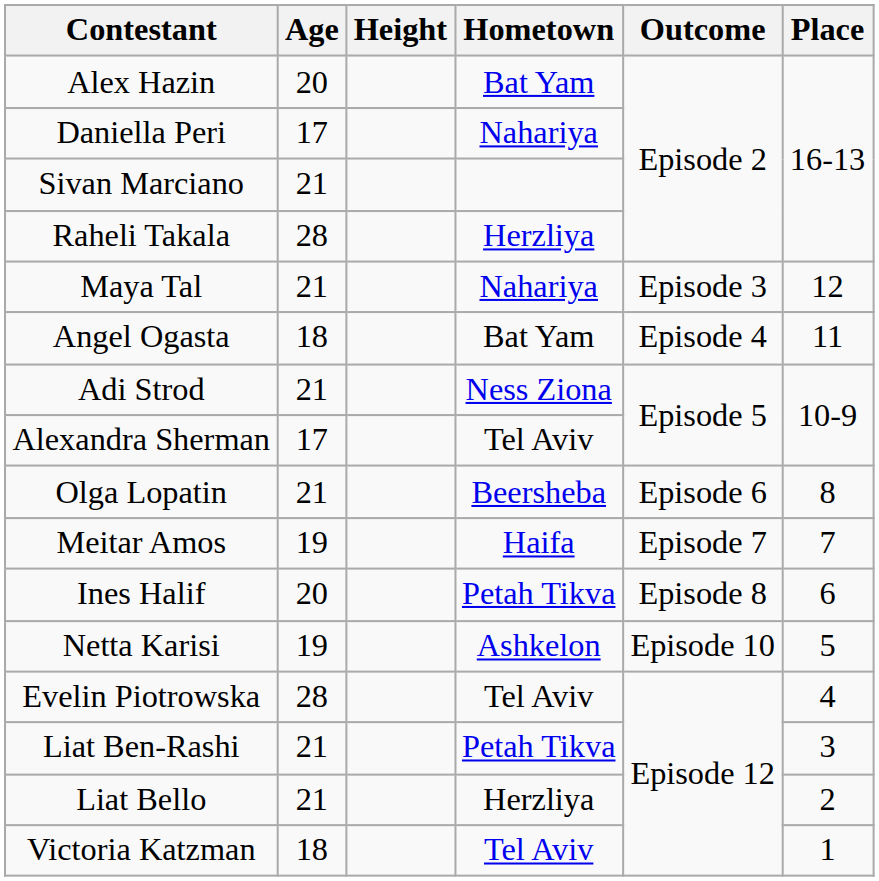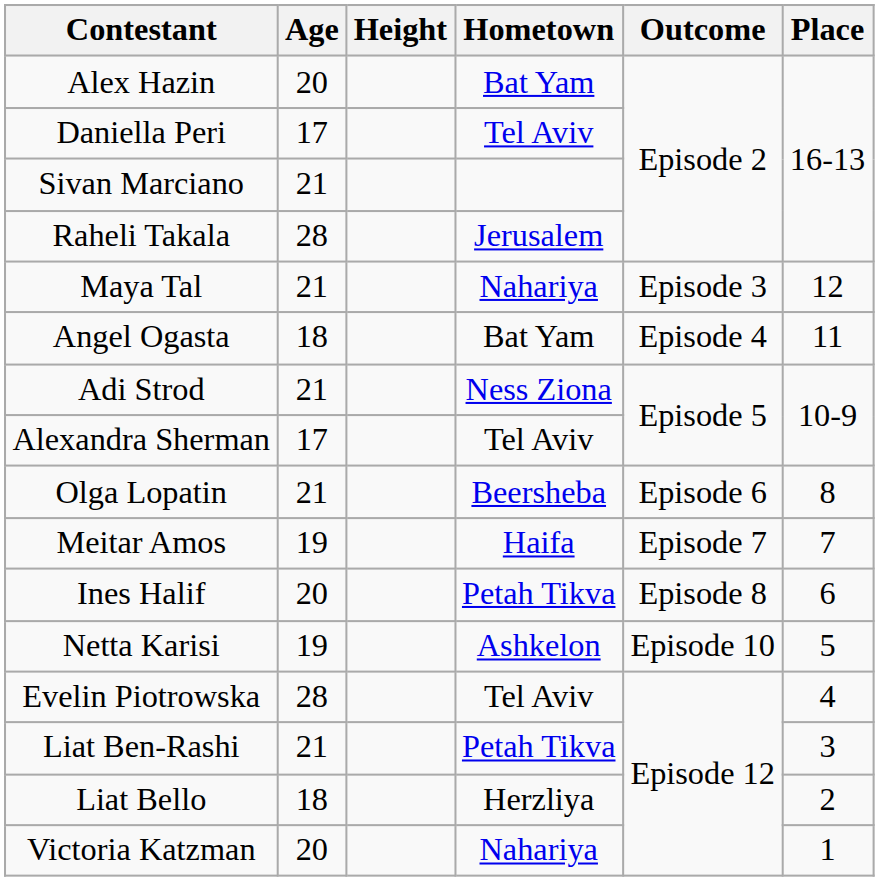 <table class="wikitable sortable" style="text-align:center;">
 <tr>
 <th>Contestant</th>
 <th>Age</th>
 <th>Height</th>
 <th>Hometown</th>
 <th>Outcome</th>
 <th>Place</th>
 </tr>
 <tr>
 <td>Alex Hazin</td>
 <td>20</td>
 <td></td>
 <td><a href='#'>Bat Yam</a></td>
 <td rowspan=4>Episode 2</td>
 <td rowspan=4>16-13</td>
 </tr>
 <tr>
 <td>Daniella Peri</td>
 <td>17</td>
 <td></td>
-<td><a href='#'>Nahariya</a></td>
+<td><a href='#'>Tel Aviv</a></td>
 </tr>
 <tr>
 <td>Sivan Marciano</td>
 <td>21</td>
 <td></td>
 <td></td>
 </tr>
 <tr>
 <td>Raheli Takala</td>
 <td>28</td>
 <td></td>
-<td><a href='#'>Herzliya</a></td>
+<td><a href='#'>Jerusalem</a></td>
 </tr>
 <tr>
 <td>Maya Tal</td>
 <td>21</td>
 <td></td>
 <td><a href='#'>Nahariya</a></td>
 <td>Episode 3</td>
 <td>12</td>
 </tr>
 <tr>
 <td>Angel Ogasta</td>
 <td>18</td>
 <td></td>
 <td>Bat Yam</td>
 <td>Episode 4</td>
 <td>11</td>
 </tr>
 <tr>
 <td>Adi Strod</td>
 <td>21</td>
 <td></td>
 <td><a href='#'>Ness Ziona</a></td>
 <td rowspan=2>Episode 5</td>
 <td rowspan=2>10-9</td>
 </tr>
 <tr>
 <td>Alexandra Sherman</td>
 <td>17</td>
 <td></td>
 <td>Tel Aviv</td>
 </tr>
 <tr>
 <td>Olga Lopatin</td>
 <td>21</td>
 <td></td>
 <td><a href='#'>Beersheba</a></td>
 <td>Episode 6</td>
 <td>8</td>
 </tr>
 <tr>
 <td>Meitar Amos</td>
 <td>19</td>
 <td></td>
 <td><a href='#'>Haifa</a></td>
 <td>Episode 7</td>
 <td>7</td>
 </tr>
 <tr>
 <td>Ines Halif</td>
 <td>20</td>
 <td></td>
 <td><a href='#'>Petah Tikva</a></td>
 <td>Episode 8</td>
 <td>6</td>
 </tr>
 <tr>
 <td>Netta Karisi</td>
 <td>19</td>
 <td></td>
 <td><a href='#'>Ashkelon</a></td>
 <td>Episode 10</td>
 <td>5</td>
 </tr>
 <tr>
 <td>Evelin Piotrowska</td>
 <td>28</td>
 <td></td>
 <td>Tel Aviv</td>
 <td rowspan=4>Episode 12</td>
 <td>4</td>
 </tr>
 <tr>
 <td>Liat Ben-Rashi</td>
 <td>21</td>
 <td></td>
 <td><a href='#'>Petah Tikva</a></td>
 <td>3</td>
 </tr>
 <tr>
 <td>Liat Bello</td>
-<td>21</td>
+<td>18</td>
 <td></td>
 <td>Herzliya</td>
 <td>2</td>
 </tr>
 <tr>
 <td>Victoria Katzman</td>
-<td>18</td>
+<td>20</td>
 <td></td>
-<td><a href='#'>Tel Aviv</a></td>
+<td><a href='#'>Nahariya</a></td>
 <td>1</td>
 </tr>
 </table>
